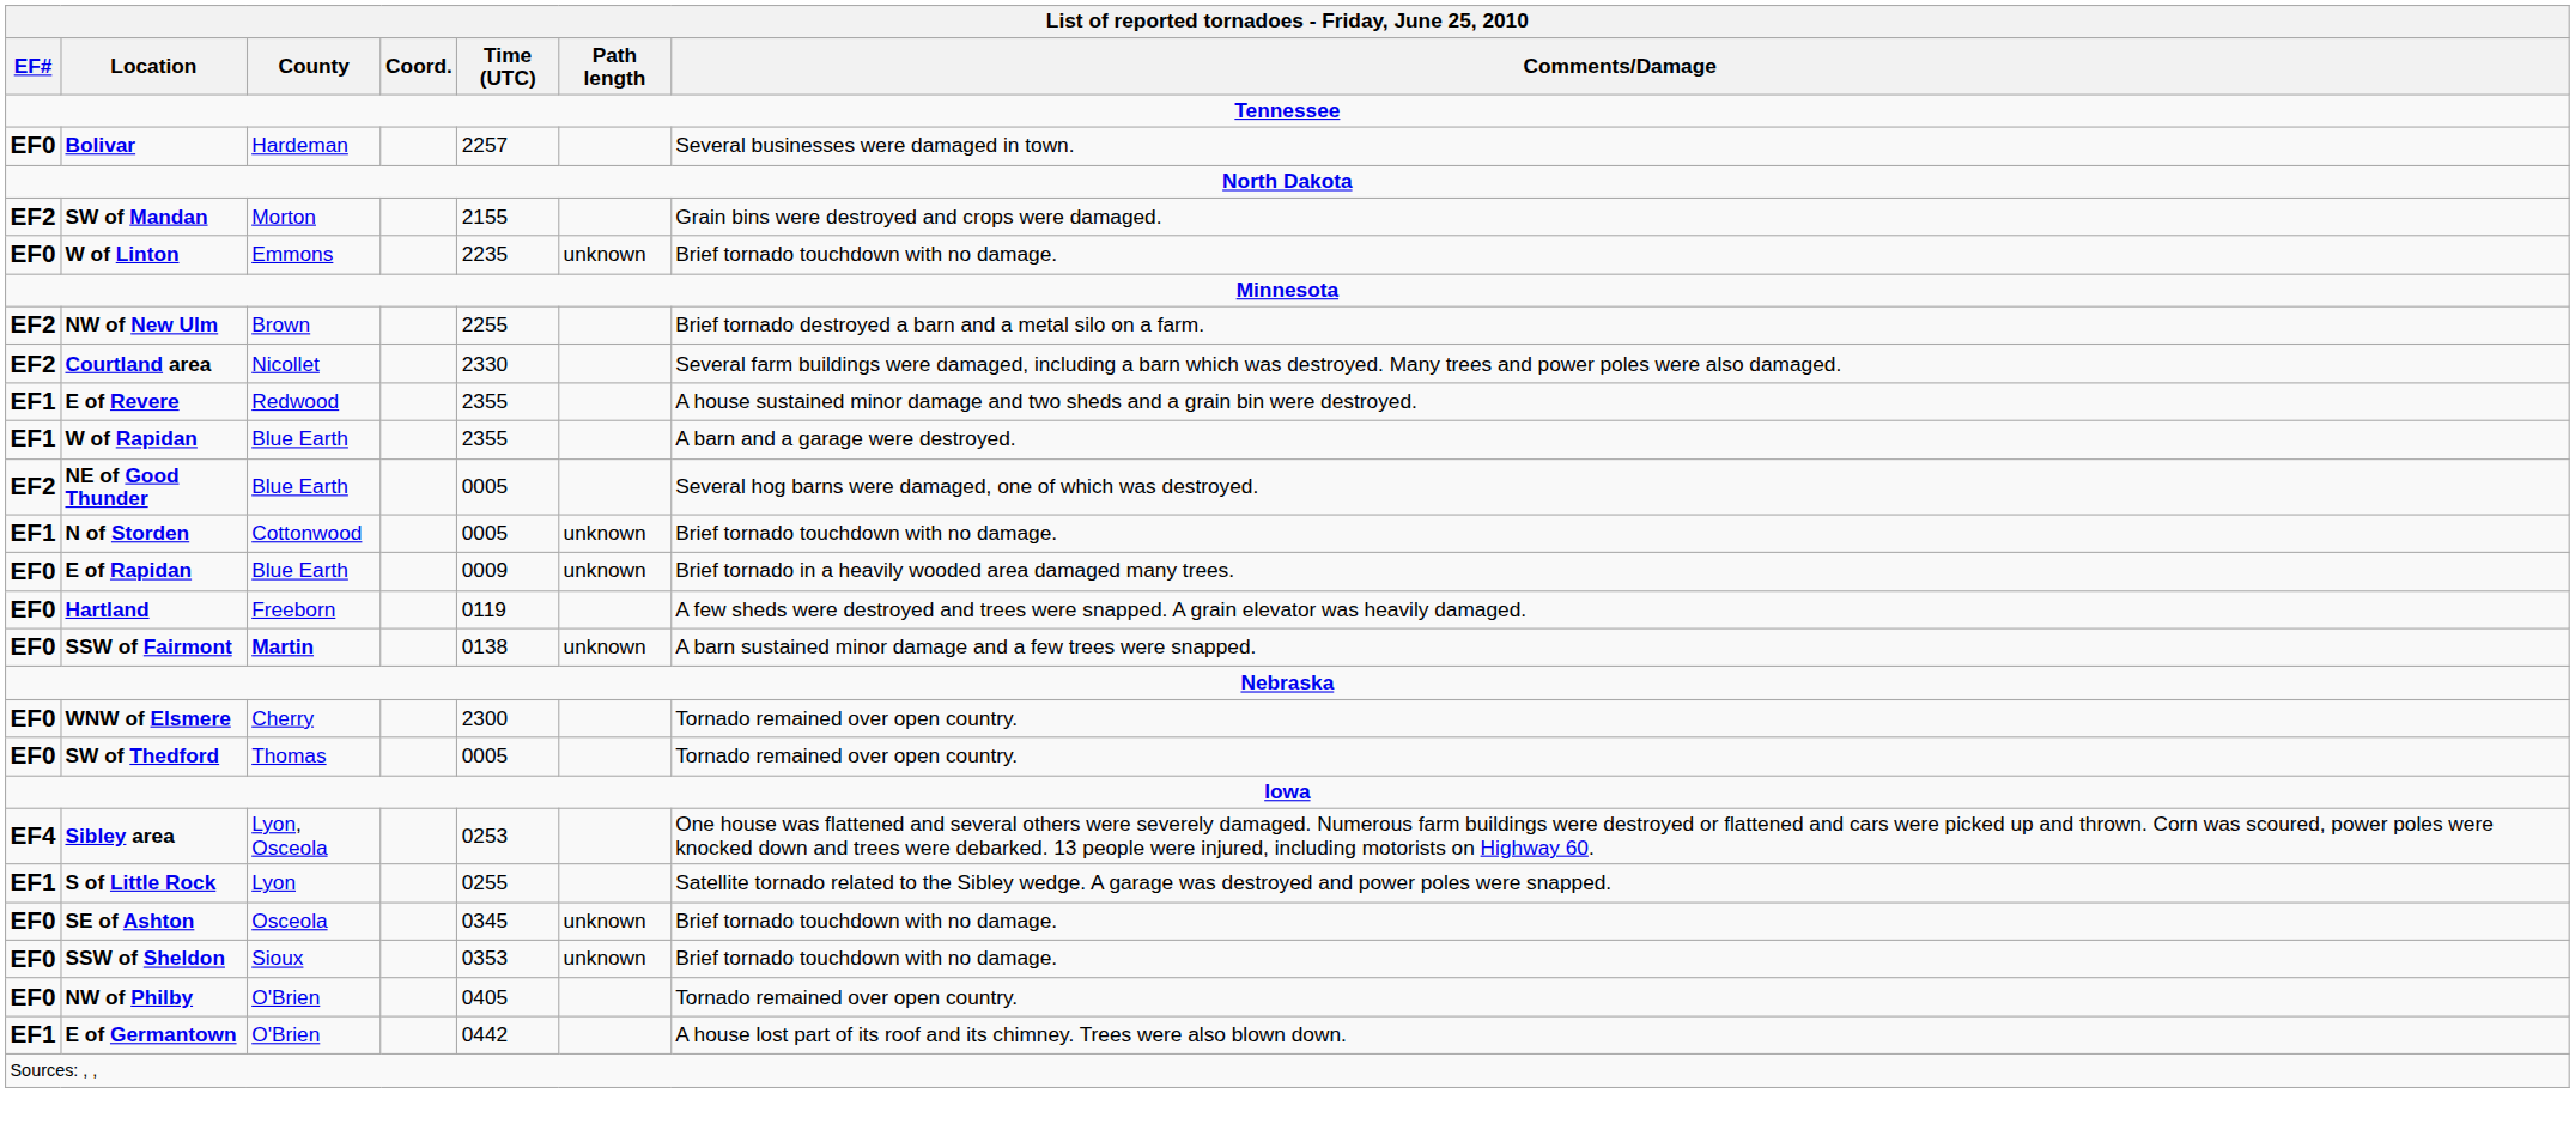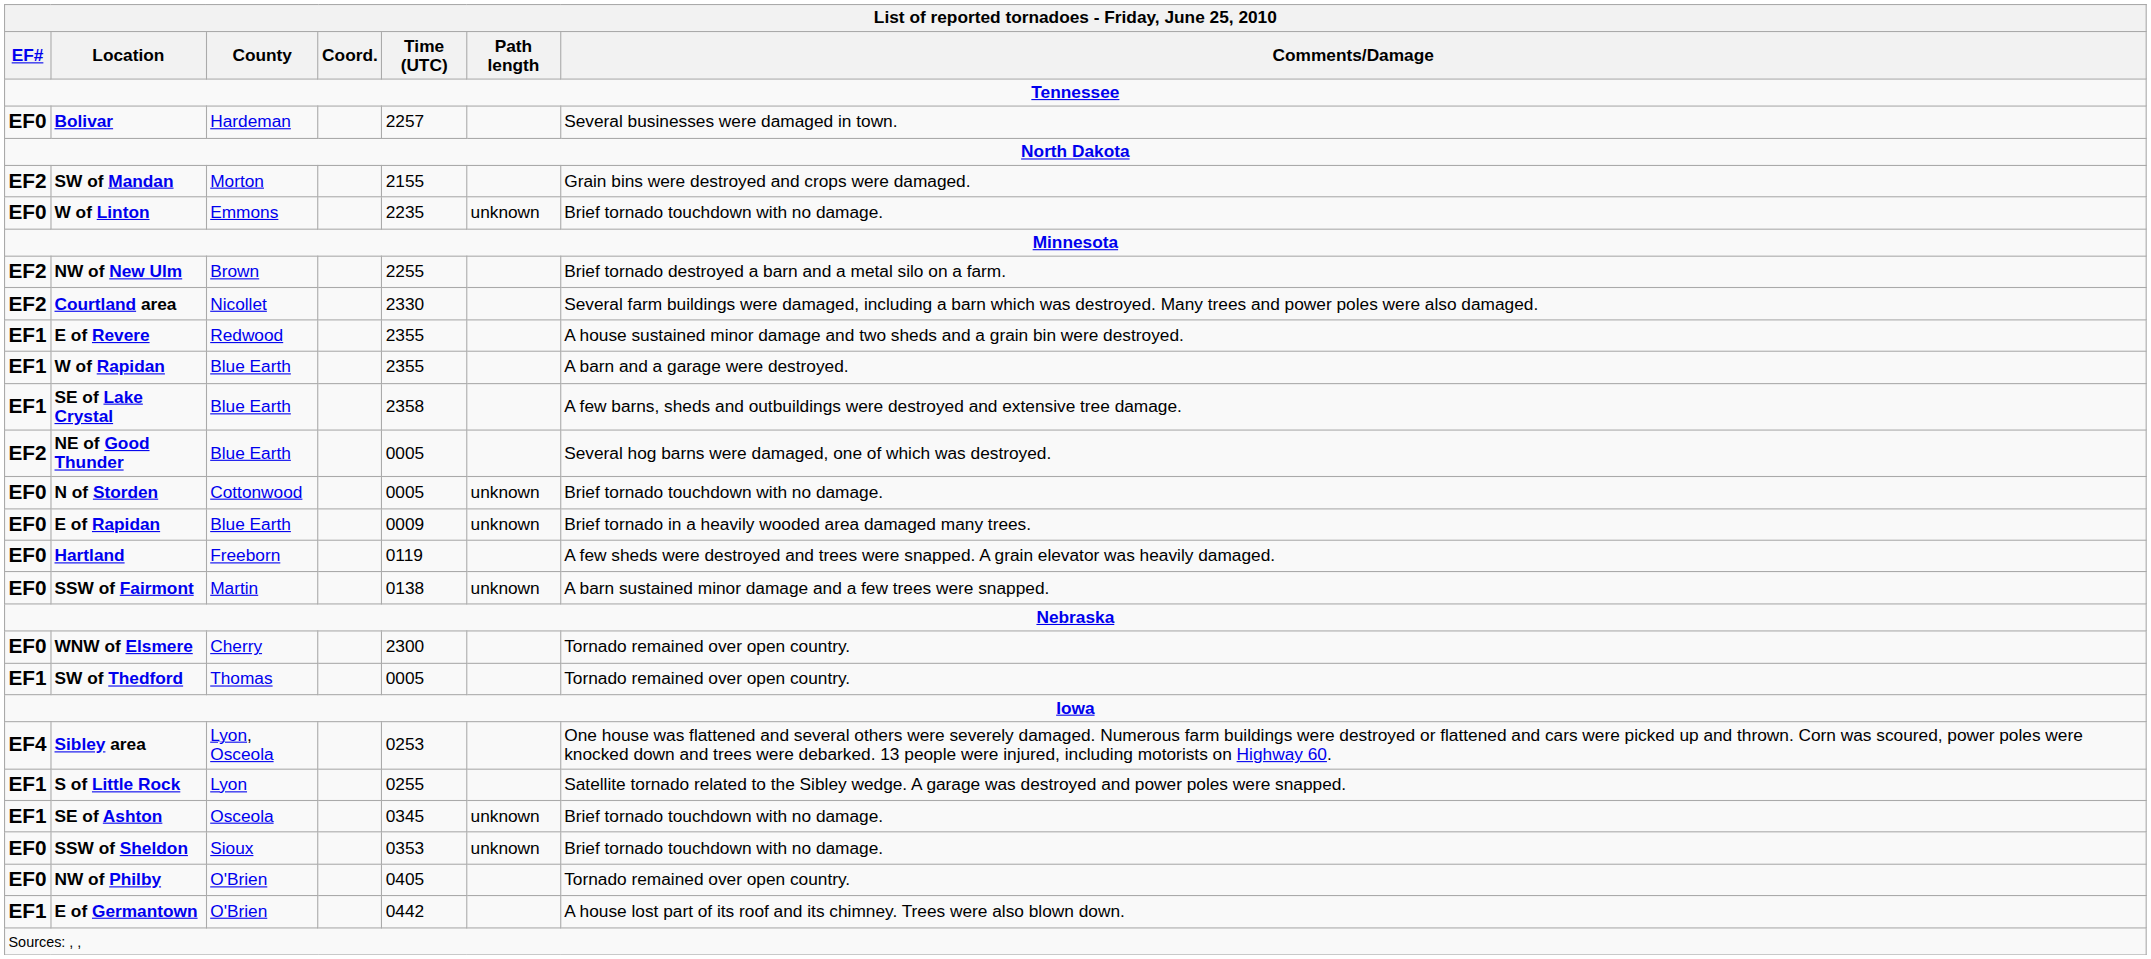 <table class="wikitable collapsible" width="100%">
 <tr>
 <th colspan="7">List of reported tornadoes - Friday, June 25, 2010</th>
 </tr>
 <tr>
 <th><a href='#'>EF#</a></th>
 <th>Location</th>
 <th>County</th>
 <th>Coord.</th>
 <th>Time (UTC)</th>
 <th>Path length</th>
 <th>Comments/Damage</th>
 </tr>
 <tr>
 <td colspan="7" align=center><strong><a href='#'>Tennessee</a></strong></td>
 </tr>
 <tr>
 <td><big><strong>EF0</strong></big></td>
 <td><strong><a href='#'>Bolivar</a></strong></td>
 <td><a href='#'>Hardeman</a></td>
 <td></td>
 <td>2257</td>
 <td></td>
 <td>Several businesses were damaged in town.</td>
 </tr>
 <tr>
 <td colspan="7" align=center><strong><a href='#'>North Dakota</a></strong></td>
 </tr>
 <tr>
 <td><big><strong>EF2</strong></big></td>
 <td><strong>SW of <a href='#'>Mandan</a></strong></td>
 <td><a href='#'>Morton</a></td>
 <td></td>
 <td>2155</td>
 <td></td>
 <td>Grain bins were destroyed and crops were damaged.</td>
 </tr>
 <tr>
 <td><big><strong>EF0</strong></big></td>
 <td><strong>W of <a href='#'>Linton</a></strong></td>
 <td><a href='#'>Emmons</a></td>
 <td></td>
 <td>2235</td>
 <td>unknown</td>
 <td>Brief tornado touchdown with no damage.</td>
 </tr>
 <tr>
 <td colspan="7" align=center><strong><a href='#'>Minnesota</a></strong></td>
 </tr>
 <tr>
 <td><big><strong>EF2</strong></big></td>
 <td><strong>NW of <a href='#'>New Ulm</a></strong></td>
 <td><a href='#'>Brown</a></td>
 <td></td>
 <td>2255</td>
 <td></td>
 <td>Brief tornado destroyed a barn and a metal silo on a farm.</td>
 </tr>
 <tr>
 <td><big><strong>EF2</strong></big></td>
 <td><strong><a href='#'>Courtland</a> area</strong></td>
 <td><a href='#'>Nicollet</a></td>
 <td></td>
 <td>2330</td>
 <td></td>
 <td>Several farm buildings were damaged, including a barn which was destroyed. Many trees and power poles were also damaged.</td>
 </tr>
 <tr>
 <td><big><strong>EF1</strong></big></td>
 <td><strong>E of <a href='#'>Revere</a></strong></td>
 <td><a href='#'>Redwood</a></td>
 <td></td>
 <td>2355</td>
 <td></td>
 <td>A house sustained minor damage and two sheds and a grain bin were destroyed.</td>
 </tr>
 <tr>
 <td><big><strong>EF1</strong></big></td>
 <td><strong>W of <a href='#'>Rapidan</a></strong></td>
 <td><a href='#'>Blue Earth</a></td>
 <td></td>
 <td>2355</td>
 <td></td>
 <td>A barn and a garage were destroyed.</td>
 </tr>
 <tr>
+<td><big><strong>EF1</strong></big></td>
+<td><strong>SE of <a href='#'>Lake Crystal</a></strong></td>
+<td><a href='#'>Blue Earth</a></td>
+<td></td>
+<td>2358</td>
+<td></td>
+<td>A few barns, sheds and outbuildings were destroyed and extensive tree damage.</td>
+</tr>
+<tr>
 <td><big><strong>EF2</strong></big></td>
 <td><strong>NE of <a href='#'>Good Thunder</a></strong></td>
 <td><a href='#'>Blue Earth</a></td>
 <td></td>
 <td>0005</td>
 <td></td>
 <td>Several hog barns were damaged, one of which was destroyed.</td>
 </tr>
 <tr>
-<td><big><strong>EF1</strong></big></td>
+<td><big><strong>EF0</strong></big></td>
 <td><strong>N of <a href='#'>Storden</a></strong></td>
 <td><a href='#'>Cottonwood</a></td>
 <td></td>
 <td>0005</td>
 <td>unknown</td>
 <td>Brief tornado touchdown with no damage.</td>
 </tr>
 <tr>
 <td><big><strong>EF0</strong></big></td>
 <td><strong>E of <a href='#'>Rapidan</a></strong></td>
 <td><a href='#'>Blue Earth</a></td>
 <td></td>
 <td>0009</td>
 <td>unknown</td>
 <td>Brief tornado in a heavily wooded area damaged many trees.</td>
 </tr>
 <tr>
 <td><big><strong>EF0</strong></big></td>
 <td><strong><a href='#'>Hartland</a></strong></td>
 <td><a href='#'>Freeborn</a></td>
 <td></td>
 <td>0119</td>
 <td></td>
 <td>A few sheds were destroyed and trees were snapped. A grain elevator was heavily damaged.</td>
 </tr>
 <tr>
 <td><big><strong>EF0</strong></big></td>
 <td><strong>SSW of <a href='#'>Fairmont</a></strong></td>
-<td><strong><a href='#'>Martin</a></strong></td>
+<td><a href='#'>Martin</a></td>
 <td></td>
 <td>0138</td>
 <td>unknown</td>
 <td>A barn sustained minor damage and a few trees were snapped.</td>
 </tr>
 <tr>
 <td colspan="7" align=center><strong><a href='#'>Nebraska</a></strong></td>
 </tr>
 <tr>
 <td><big><strong>EF0</strong></big></td>
 <td><strong>WNW of <a href='#'>Elsmere</a></strong></td>
 <td><a href='#'>Cherry</a></td>
 <td></td>
 <td>2300</td>
 <td></td>
 <td>Tornado remained over open country.</td>
 </tr>
 <tr>
-<td><big><strong>EF0</strong></big></td>
+<td><big><strong>EF1</strong></big></td>
 <td><strong>SW of <a href='#'>Thedford</a></strong></td>
 <td><a href='#'>Thomas</a></td>
 <td></td>
 <td>0005</td>
 <td></td>
 <td>Tornado remained over open country.</td>
 </tr>
 <tr>
 <td colspan="7" align=center><strong><a href='#'>Iowa</a></strong></td>
 </tr>
 <tr>
 <td><big><strong>EF4</strong></big></td>
 <td><strong><a href='#'>Sibley</a> area</strong></td>
 <td><a href='#'>Lyon</a>, <a href='#'>Osceola</a></td>
 <td></td>
 <td>0253</td>
 <td></td>
 <td>One house was flattened and several others were severely damaged. Numerous farm buildings were destroyed or flattened and cars were picked up and thrown. Corn was scoured, power poles were knocked down and trees were debarked. 13 people were injured, including motorists on <a href='#'>Highway 60</a>.</td>
 </tr>
 <tr>
 <td><big><strong>EF1</strong></big></td>
 <td><strong>S of <a href='#'>Little Rock</a></strong></td>
 <td><a href='#'>Lyon</a></td>
 <td></td>
 <td>0255</td>
 <td></td>
 <td>Satellite tornado related to the Sibley wedge. A garage was destroyed and power poles were snapped.</td>
 </tr>
 <tr>
-<td><big><strong>EF0</strong></big></td>
+<td><big><strong>EF1</strong></big></td>
 <td><strong>SE of <a href='#'>Ashton</a></strong></td>
 <td><a href='#'>Osceola</a></td>
 <td></td>
 <td>0345</td>
 <td>unknown</td>
 <td>Brief tornado touchdown with no damage.</td>
 </tr>
 <tr>
 <td><big><strong>EF0</strong></big></td>
 <td><strong>SSW of <a href='#'>Sheldon</a></strong></td>
 <td><a href='#'>Sioux</a></td>
 <td></td>
 <td>0353</td>
 <td>unknown</td>
 <td>Brief tornado touchdown with no damage.</td>
 </tr>
 <tr>
 <td><big><strong>EF0</strong></big></td>
 <td><strong>NW of <a href='#'>Philby</a></strong></td>
 <td><a href='#'>O'Brien</a></td>
 <td></td>
 <td>0405</td>
 <td></td>
 <td>Tornado remained over open country.</td>
 </tr>
 <tr>
 <td><big><strong>EF1</strong></big></td>
 <td><strong>E of <a href='#'>Germantown</a></strong></td>
 <td><a href='#'>O'Brien</a></td>
 <td></td>
 <td>0442</td>
 <td></td>
 <td>A house lost part of its roof and its chimney. Trees were also blown down.</td>
 </tr>
 <tr>
 <td colspan="7"><small>Sources: , , </small></td>
 </tr>
 </table>
